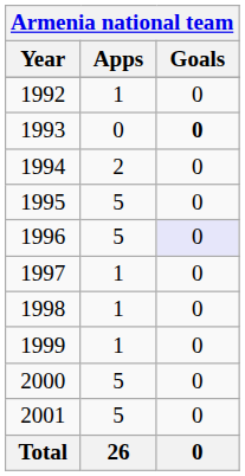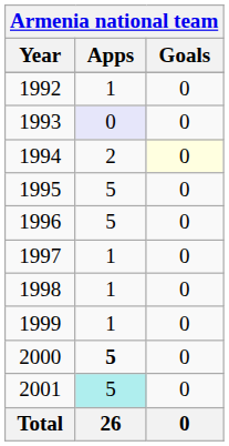 <table class="wikitable" style="text-align:center">
 <tr>
 <th colspan=3><a href='#'>Armenia national team</a></th>
 </tr>
 <tr>
 <th>Year</th>
 <th>Apps</th>
 <th>Goals</th>
 </tr>
 <tr>
 </tr>
 <tr>
 <td>1992</td>
 <td>1</td>
 <td>0</td>
 </tr>
 <tr>
 <td>1993</td>
+<td style="background: lavender;">0</td>
 <td>0</td>
-<td><strong>0</strong></td>
 </tr>
 <tr>
 <td>1994</td>
 <td>2</td>
-<td>0</td>
+<td style="background: lightyellow;">0</td>
 </tr>
 <tr>
 <td>1995</td>
 <td>5</td>
 <td>0</td>
 </tr>
 <tr>
 <td>1996</td>
 <td>5</td>
-<td style="background: lavender;">0</td>
+<td>0</td>
 </tr>
 <tr>
 <td>1997</td>
 <td>1</td>
 <td>0</td>
 </tr>
 <tr>
 <td>1998</td>
 <td>1</td>
 <td>0</td>
 </tr>
 <tr>
 <td>1999</td>
 <td>1</td>
 <td>0</td>
 </tr>
 <tr>
 <td>2000</td>
-<td>5</td>
+<td><strong>5</strong></td>
 <td>0</td>
 </tr>
 <tr>
 <td>2001</td>
-<td>5</td>
+<td style="background: paleturquoise;">5</td>
 <td>0</td>
 </tr>
 <tr>
 <th>Total</th>
 <th>26</th>
 <th>0</th>
 </tr>
 </table>
